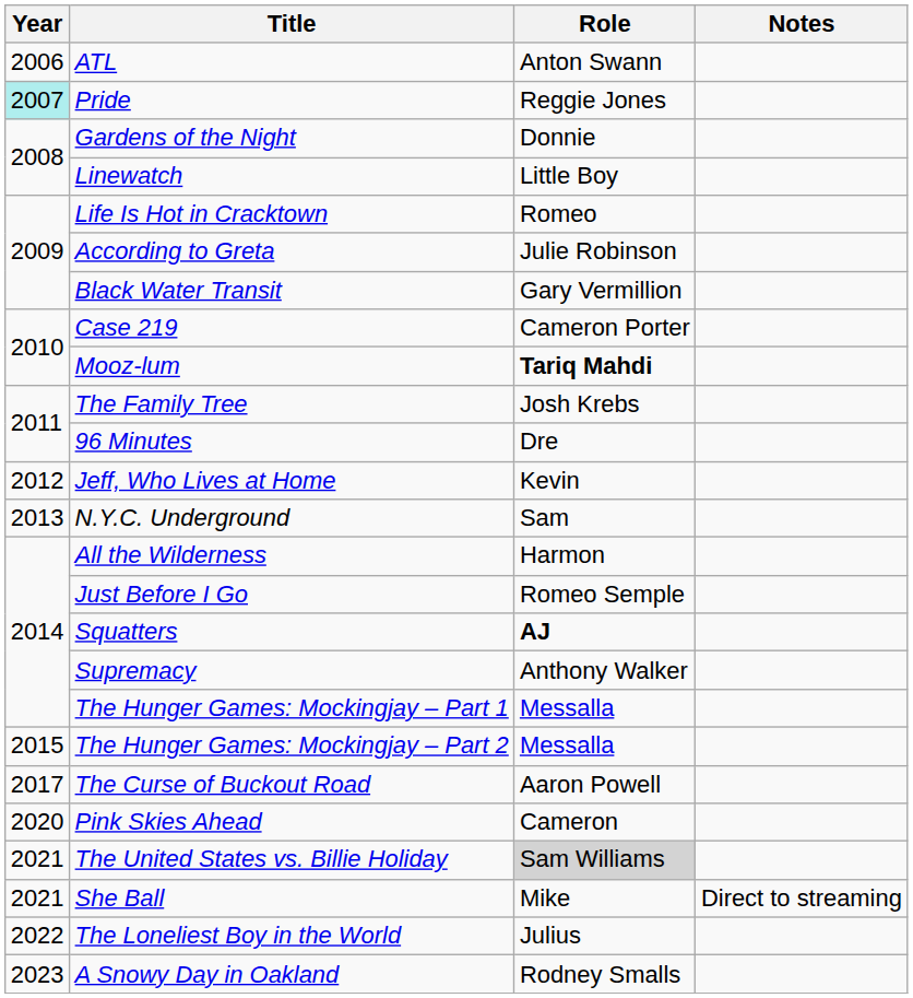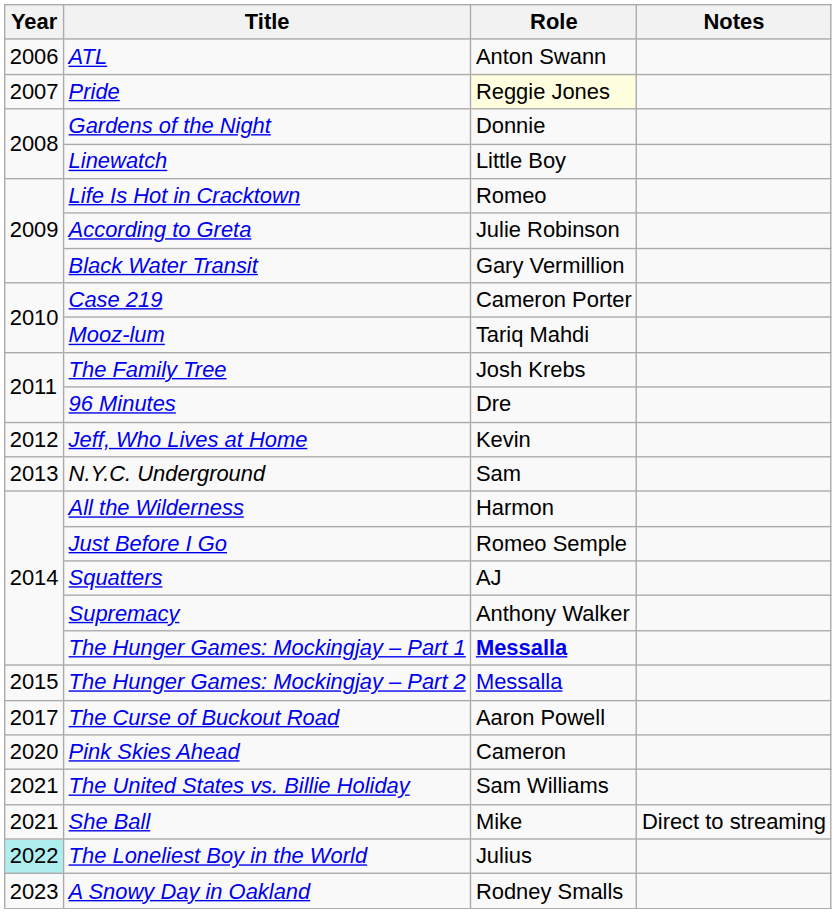 <table class="wikitable sortable">
 <tr>
 <th>Year</th>
 <th>Title</th>
 <th>Role</th>
 <th class="unsortable">Notes</th>
 </tr>
 <tr>
 <td>2006</td>
 <td><em><a href='#'>ATL</a></em></td>
 <td>Anton Swann</td>
 <td></td>
 </tr>
 <tr>
-<td style="background: paleturquoise;">2007</td>
+<td>2007</td>
 <td><em><a href='#'>Pride</a></em></td>
-<td>Reggie Jones</td>
+<td style="background: lightyellow;">Reggie Jones</td>
 <td></td>
 </tr>
 <tr>
 <td rowspan="2">2008</td>
 <td><em><a href='#'>Gardens of the Night</a></em></td>
 <td>Donnie</td>
 <td></td>
 </tr>
 <tr>
 <td><em><a href='#'>Linewatch</a></em></td>
 <td>Little Boy</td>
 <td></td>
 </tr>
 <tr>
 <td rowspan="3">2009</td>
 <td><em><a href='#'>Life Is Hot in Cracktown</a></em></td>
 <td>Romeo</td>
 <td></td>
 </tr>
 <tr>
 <td><em><a href='#'>According to Greta</a></em></td>
 <td>Julie Robinson</td>
 <td></td>
 </tr>
 <tr>
 <td><em><a href='#'>Black Water Transit</a></em></td>
 <td>Gary Vermillion</td>
 <td></td>
 </tr>
 <tr>
 <td rowspan="2">2010</td>
 <td><em><a href='#'>Case 219</a></em></td>
 <td>Cameron Porter</td>
 <td></td>
 </tr>
 <tr>
 <td><em><a href='#'>Mooz-lum</a></em></td>
-<td><strong>Tariq Mahdi</strong></td>
+<td>Tariq Mahdi</td>
 <td></td>
 </tr>
 <tr>
 <td rowspan="2">2011</td>
 <td><em><a href='#'>The Family Tree</a></em></td>
 <td>Josh Krebs</td>
 <td></td>
 </tr>
 <tr>
 <td><em><a href='#'>96 Minutes</a></em></td>
 <td>Dre</td>
 <td></td>
 </tr>
 <tr>
 <td>2012</td>
 <td><em><a href='#'>Jeff, Who Lives at Home</a></em></td>
 <td>Kevin</td>
 <td></td>
 </tr>
 <tr>
 <td>2013</td>
 <td><em>N.Y.C. Underground</em></td>
 <td>Sam</td>
 <td></td>
 </tr>
 <tr>
 <td rowspan="5">2014</td>
 <td><em><a href='#'>All the Wilderness</a></em></td>
 <td>Harmon</td>
 <td></td>
 </tr>
 <tr>
 <td><em><a href='#'>Just Before I Go</a></em></td>
 <td>Romeo Semple</td>
 <td></td>
 </tr>
 <tr>
 <td><em><a href='#'>Squatters</a></em></td>
-<td><strong>AJ</strong></td>
+<td>AJ</td>
 <td></td>
 </tr>
 <tr>
 <td><em><a href='#'>Supremacy</a></em></td>
 <td>Anthony Walker</td>
 <td></td>
 </tr>
 <tr>
 <td><em><a href='#'>The Hunger Games: Mockingjay – Part 1</a></em></td>
-<td><a href='#'>Messalla</a></td>
+<td><strong><a href='#'>Messalla</a></strong></td>
 <td></td>
 </tr>
 <tr>
 <td>2015</td>
 <td><em><a href='#'>The Hunger Games: Mockingjay – Part 2</a></em></td>
 <td><a href='#'>Messalla</a></td>
 <td></td>
 </tr>
 <tr>
 <td>2017</td>
 <td><em><a href='#'>The Curse of Buckout Road</a></em></td>
 <td>Aaron Powell</td>
 <td></td>
 </tr>
 <tr>
 <td>2020</td>
 <td><em><a href='#'>Pink Skies Ahead</a></em></td>
 <td>Cameron</td>
 <td></td>
 </tr>
 <tr>
 <td>2021</td>
 <td><em><a href='#'>The United States vs. Billie Holiday</a></em></td>
-<td style="background: lightgrey;">Sam Williams</td>
+<td>Sam Williams</td>
 <td></td>
 </tr>
 <tr>
 <td>2021</td>
 <td><em><a href='#'>She Ball</a></em></td>
 <td>Mike</td>
 <td>Direct to streaming</td>
 </tr>
 <tr>
-<td>2022</td>
+<td style="background: paleturquoise;">2022</td>
 <td><em><a href='#'>The Loneliest Boy in the World</a></em></td>
 <td>Julius</td>
 <td></td>
 </tr>
 <tr>
 <td>2023</td>
 <td><em><a href='#'>A Snowy Day in Oakland</a></em></td>
 <td>Rodney Smalls</td>
 <td></td>
 </tr>
 <tr>
 </tr>
 </table>
